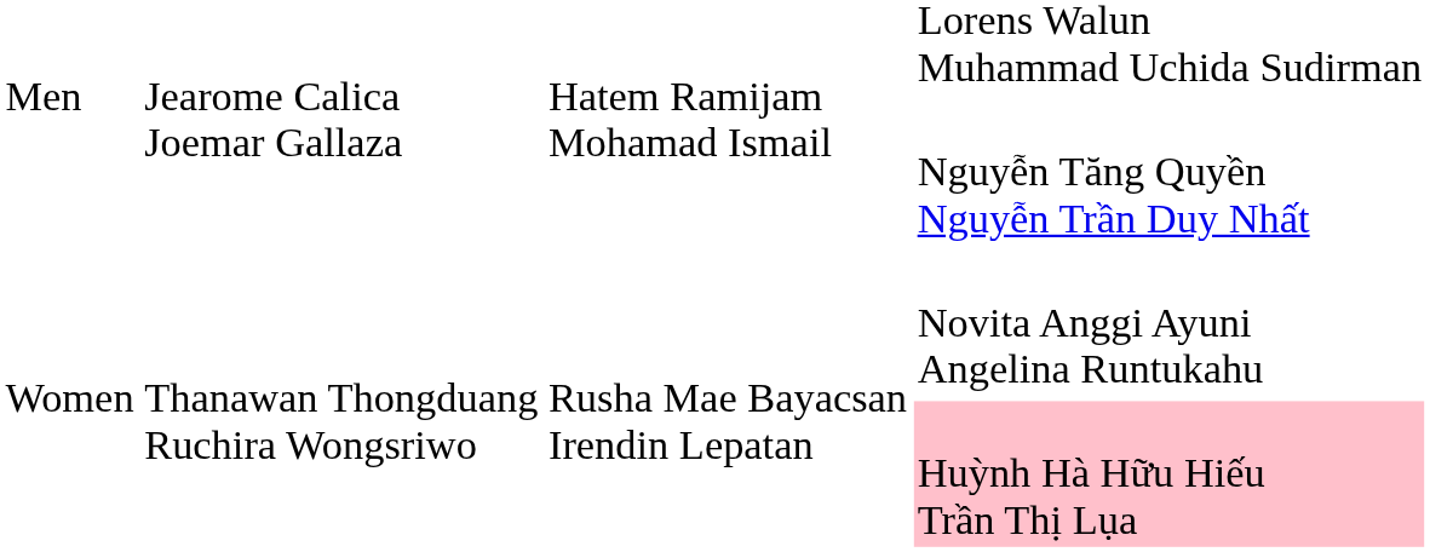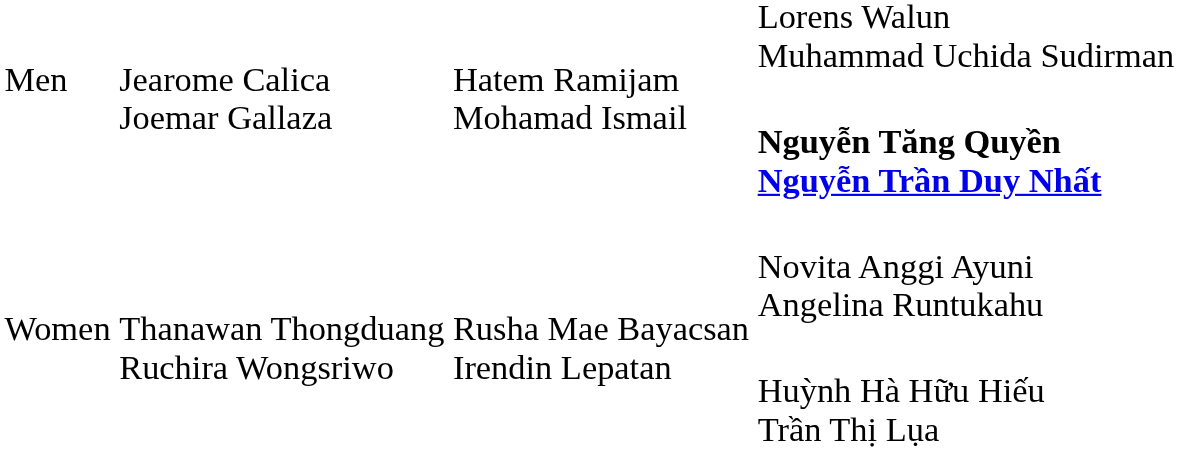 <table>
 <tr>
 <td rowspan=2>Men</td>
 <td rowspan=2><br>Jearome Calica<br>Joemar Gallaza</td>
 <td rowspan=2><br>Hatem Ramijam<br>Mohamad Ismail</td>
 <td nowrap=true><br>Lorens Walun<br>Muhammad Uchida Sudirman</td>
 </tr>
 <tr>
-<td><br>Nguyễn Tăng Quyền<br><a href='#'>Nguyễn Trần Duy Nhất</a></td>
+<td><strong><br>Nguyễn Tăng Quyền<br><a href='#'>Nguyễn Trần Duy Nhất</a></strong></td>
 </tr>
 <tr>
 <td rowspan=2>Women</td>
 <td rowspan=2 nowrap=true><br>Thanawan Thongduang<br>Ruchira Wongsriwo</td>
 <td rowspan=2 nowrap=true><br>Rusha Mae Bayacsan<br>Irendin Lepatan</td>
 <td><br>Novita Anggi Ayuni<br>Angelina Runtukahu</td>
 </tr>
 <tr>
-<td style="background: pink;"><br>Huỳnh Hà Hữu Hiếu<br>Trần Thị Lụa</td>
+<td><br>Huỳnh Hà Hữu Hiếu<br>Trần Thị Lụa</td>
 </tr>
 </table>
